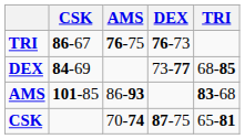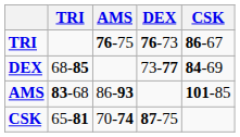 <table class="wikitable">
 <tr>
 <th></th>
-<th> <strong><a href='#'>CSK</a></strong></th>
+<th> <strong><a href='#'>TRI</a></strong></th>
 <th> <strong><a href='#'>AMS</a></strong></th>
 <th> <a href='#'><strong>DEX</strong></a></th>
-<th> <strong><a href='#'>TRI</a></strong></th>
+<th> <strong><a href='#'>CSK</a></strong></th>
 </tr>
 <tr>
 <td> <strong><a href='#'>TRI</a></strong></td>
-<td><strong>86</strong>-67</td>
+<td></td>
 <td><strong>76</strong>-75</td>
 <td><strong>76</strong>-73</td>
-<td></td>
+<td><strong>86</strong>-67</td>
 </tr>
 <tr>
 <td> <a href='#'><strong>DEX</strong></a></td>
-<td><strong>84</strong>-69</td>
+<td>68-<strong>85</strong></td>
 <td></td>
 <td>73-<strong>77</strong></td>
-<td>68-<strong>85</strong></td>
+<td><strong>84</strong>-69</td>
 </tr>
 <tr>
 <td> <strong><a href='#'>AMS</a></strong></td>
-<td><strong>101</strong>-85</td>
+<td><strong>83</strong>-68</td>
 <td>86-<strong>93</strong></td>
 <td></td>
-<td><strong>83</strong>-68</td>
+<td><strong>101</strong>-85</td>
 </tr>
 <tr>
 <td> <strong><a href='#'>CSK</a></strong></td>
-<td></td>
+<td>65-<strong>81</strong></td>
 <td>70-<strong>74</strong></td>
 <td><strong>87</strong>-75</td>
-<td>65-<strong>81</strong></td>
+<td></td>
 </tr>
 </table>
